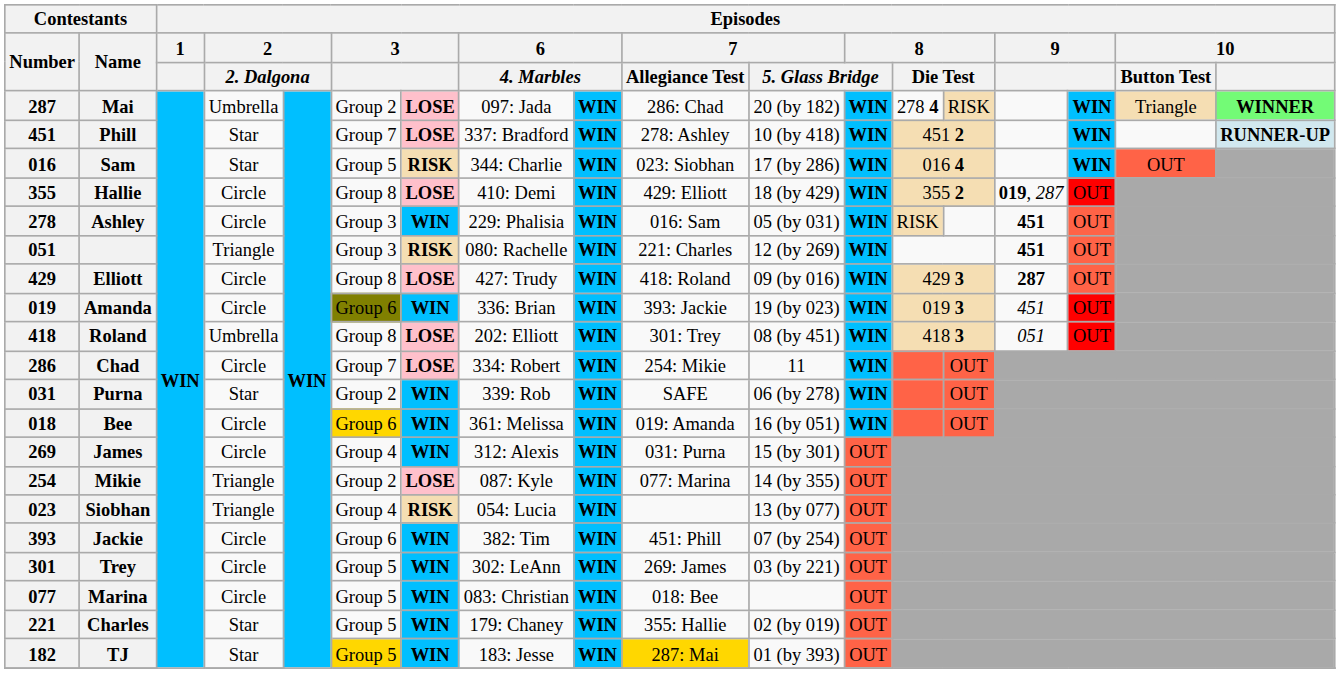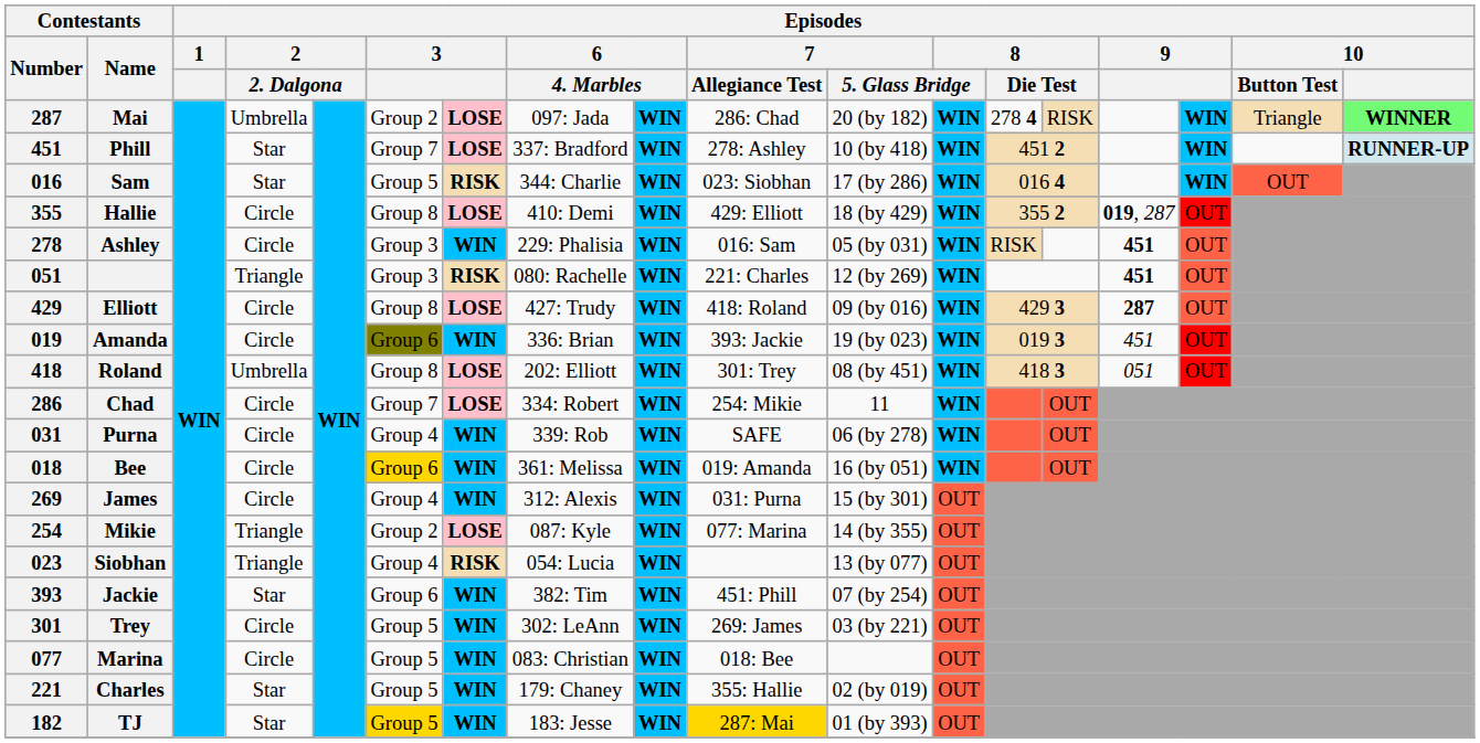 <table class="wikitable sortable" style="text-align:center; font-size:70%;">
 <tr>
 <th colspan="2">Contestants</th>
 <th colspan="18">Episodes</th>
 </tr>
 <tr>
 <th scope="col" rowspan="2">Number</th>
 <th scope="col" rowspan="2">Name</th>
 <th scope="col" class="unsortable">1</th>
 <th scope="col" colspan="2">2</th>
 <th scope="col" colspan="2">3</th>
 <th scope="col" class="unsortable" colspan="2">6</th>
 <th scope="col" class="unsortable" colspan="2">7</th>
 <th scope="col" class="unsortable" colspan="3">8</th>
 <th scope="col" class="unsortable"colspan="2">9</th>
 <th scope="col" class="unsortable" colspan="2">10</th>
 </tr>
 <tr>
 <th scope="col" class="unsortable"></th>
 <th scope="col" colspan="2"><em>2. Dalgona</em></th>
 <th scope="col" colspan="2"></th>
 <th scope="col" colspan="2" class="unsortable"><em>4. Marbles</em></th>
 <th scope="col" class="unsortable">Allegiance Test</th>
 <th scope="col" colspan="2"><em>5. Glass Bridge</em></th>
 <th colspan="2">Die Test</th>
 <th scope="col" class="unsortable" colspan="2"></th>
 <th scope="col" class="unsortable">Button Test</th>
 <th scope="col" class="unsortable"></th>
 </tr>
 <tr>
 <th>287</th>
 <th>Mai</th>
 <td rowspan="120" bgcolor="deepskyblue"><strong>WIN</strong></td>
 <td>Umbrella</td>
 <td rowspan="119" bgcolor="deepskyblue"><strong>WIN</strong></td>
 <td>Group 2</td>
 <td bgcolor="pink"><strong>LOSE</strong></td>
 <td>097: Jada</td>
 <td bgcolor="deepskyblue"><strong>WIN</strong></td>
 <td>286: Chad</td>
 <td>20 (by 182)</td>
 <td bgcolor="deepskyblue"><strong>WIN</strong></td>
 <td>278 <strong>4</strong></td>
 <td bgcolor="wheat">RISK</td>
 <td></td>
 <td bgcolor="deepskyblue"><strong>WIN</strong></td>
 <td bgcolor="wheat">Triangle</td>
 <td style="background:#73FB76"><strong>WINNER</strong></td>
 </tr>
 <tr>
 <th>451</th>
 <th>Phill</th>
 <td>Star</td>
 <td>Group 7</td>
 <td bgcolor="pink"><strong>LOSE</strong></td>
 <td>337: Bradford</td>
 <td bgcolor="deepskyblue"><strong>WIN</strong></td>
 <td>278: Ashley</td>
 <td>10 (by 418)</td>
 <td bgcolor="deepskyblue"><strong>WIN</strong></td>
 <td bgcolor="wheat" colspan="2">451 <strong>2</strong></td>
 <td></td>
 <td bgcolor="deepskyblue"><strong>WIN</strong></td>
 <td></td>
 <td style="background:#D1E8EF"><strong>RUNNER-UP</strong></td>
 </tr>
 <tr>
 <th>016</th>
 <th>Sam</th>
 <td>Star</td>
 <td>Group 5</td>
 <td bgcolor="wheat"><strong>RISK</strong></td>
 <td>344: Charlie</td>
 <td bgcolor="deepskyblue"><strong>WIN</strong></td>
 <td>023: Siobhan</td>
 <td>17 (by 286)</td>
 <td bgcolor="deepskyblue"><strong>WIN</strong></td>
 <td bgcolor="wheat" colspan="2">016 <strong>4</strong></td>
 <td></td>
 <td bgcolor="deepskyblue"><strong>WIN</strong></td>
 <td bgcolor="tomato">OUT</td>
 <td bgcolor="darkgray"></td>
 </tr>
 <tr>
 <th>355</th>
 <th>Hallie</th>
 <td>Circle</td>
 <td>Group 8</td>
 <td bgcolor="pink"><strong>LOSE</strong></td>
 <td>410: Demi</td>
 <td bgcolor="deepskyblue"><strong>WIN</strong></td>
 <td>429: Elliott</td>
 <td>18 (by 429)</td>
 <td bgcolor="deepskyblue"><strong>WIN</strong></td>
 <td bgcolor="wheat" colspan="2">355 <strong>2</strong></td>
 <td><strong>019</strong>, <em>287</em></td>
 <td bgcolor="red">OUT</td>
 <td bgcolor="darkgray" colspan="2"></td>
 </tr>
 <tr>
 <th>278</th>
 <th>Ashley</th>
 <td>Circle</td>
 <td>Group 3</td>
 <td bgcolor="deepskyblue"><strong>WIN</strong></td>
 <td>229: Phalisia</td>
 <td bgcolor="deepskyblue"><strong>WIN</strong></td>
 <td>016: Sam</td>
 <td>05 (by 031)</td>
 <td bgcolor="deepskyblue"><strong>WIN</strong></td>
 <td bgcolor="wheat">RISK</td>
 <td></td>
 <td><strong>451</strong></td>
 <td bgcolor="tomato">OUT</td>
 <td bgcolor="darkgray" colspan="2"></td>
 </tr>
 <tr>
 <th>051</th>
 <th></th>
 <td>Triangle</td>
 <td>Group 3</td>
 <td bgcolor="wheat"><strong>RISK</strong></td>
 <td>080: Rachelle</td>
 <td bgcolor="deepskyblue"><strong>WIN</strong></td>
 <td>221: Charles</td>
 <td>12 (by 269)</td>
 <td bgcolor="deepskyblue"><strong>WIN</strong></td>
 <td colspan="2"></td>
 <td><strong>451</strong></td>
 <td bgcolor="tomato">OUT</td>
 <td bgcolor="darkgray" colspan="2"></td>
 </tr>
 <tr>
 <th>429</th>
 <th>Elliott</th>
 <td>Circle</td>
 <td>Group 8</td>
 <td bgcolor="pink"><strong>LOSE</strong></td>
 <td>427: Trudy</td>
 <td bgcolor="deepskyblue"><strong>WIN</strong></td>
 <td>418: Roland</td>
 <td>09 (by 016)</td>
 <td bgcolor="deepskyblue"><strong>WIN</strong></td>
 <td bgcolor="wheat" colspan="2">429 <strong>3</strong></td>
 <td><strong>287</strong></td>
 <td bgcolor="tomato">OUT</td>
 <td bgcolor="darkgray" colspan="2"></td>
 </tr>
 <tr>
 <th>019</th>
 <th>Amanda</th>
 <td>Circle</td>
 <td bgcolor="olive">Group 6</td>
 <td bgcolor="deepskyblue"><strong>WIN</strong></td>
 <td>336: Brian</td>
 <td bgcolor="deepskyblue"><strong>WIN</strong></td>
 <td>393: Jackie</td>
 <td>19 (by 023)</td>
 <td bgcolor="deepskyblue"><strong>WIN</strong></td>
 <td bgcolor="wheat" colspan="2">019 <strong>3</strong></td>
 <td><em>451</em></td>
 <td bgcolor="red">OUT</td>
 <td bgcolor="darkgray" colspan="2"></td>
 </tr>
 <tr>
 <th>418</th>
 <th>Roland</th>
 <td>Umbrella</td>
 <td>Group 8</td>
 <td bgcolor="pink"><strong>LOSE</strong></td>
 <td>202: Elliott</td>
 <td bgcolor="deepskyblue"><strong>WIN</strong></td>
 <td>301: Trey</td>
 <td>08 (by 451)</td>
 <td bgcolor="deepskyblue"><strong>WIN</strong></td>
 <td bgcolor="wheat" colspan="2">418 <strong>3</strong></td>
 <td><em>051</em></td>
 <td bgcolor="red">OUT</td>
 <td bgcolor="darkgray" colspan="2"></td>
 </tr>
 <tr>
 <th>286</th>
 <th>Chad</th>
 <td>Circle</td>
 <td>Group 7</td>
 <td bgcolor="pink"><strong>LOSE</strong></td>
 <td>334: Robert</td>
 <td bgcolor="deepskyblue"><strong>WIN</strong></td>
 <td>254: Mikie</td>
 <td>11</td>
 <td bgcolor="deepskyblue"><strong>WIN</strong></td>
 <td bgcolor="tomato"></td>
 <td bgcolor="tomato">OUT</td>
 <td colspan="4" bgcolor="darkgray"></td>
 </tr>
 <tr>
 <th>031</th>
 <th>Purna</th>
-<td>Star</td>
-<td>Group 2</td>
+<td>Circle</td>
+<td>Group 4</td>
 <td bgcolor="deepskyblue"><strong>WIN</strong></td>
 <td>339: Rob</td>
 <td bgcolor="deepskyblue"><strong>WIN</strong></td>
 <td>SAFE</td>
 <td>06 (by 278)</td>
 <td bgcolor="deepskyblue"><strong>WIN</strong></td>
 <td bgcolor="tomato"></td>
 <td bgcolor="tomato">OUT</td>
 <td colspan="4" bgcolor="darkgray"></td>
 </tr>
 <tr>
 <th>018</th>
 <th>Bee</th>
 <td>Circle</td>
 <td bgcolor="gold">Group 6</td>
 <td bgcolor="deepskyblue"><strong>WIN</strong></td>
 <td>361: Melissa</td>
 <td bgcolor="deepskyblue"><strong>WIN</strong></td>
 <td>019: Amanda</td>
 <td>16 (by 051)</td>
 <td bgcolor="deepskyblue"><strong>WIN</strong></td>
 <td bgcolor="tomato"></td>
 <td bgcolor="tomato">OUT</td>
 <td colspan="4" bgcolor="darkgray"></td>
 </tr>
 <tr>
 <th>269</th>
 <th>James</th>
 <td>Circle</td>
 <td>Group 4</td>
 <td bgcolor="deepskyblue"><strong>WIN</strong></td>
 <td>312: Alexis</td>
 <td bgcolor="deepskyblue"><strong>WIN</strong></td>
 <td>031: Purna</td>
 <td>15 (by 301)</td>
 <td bgcolor="tomato">OUT</td>
 <td colspan="6" bgcolor="darkgray"></td>
 </tr>
 <tr>
 <th>254</th>
 <th>Mikie</th>
 <td>Triangle</td>
 <td>Group 2</td>
 <td bgcolor="pink"><strong>LOSE</strong></td>
 <td>087: Kyle</td>
 <td bgcolor="deepskyblue"><strong>WIN</strong></td>
 <td>077: Marina</td>
 <td>14 (by 355)</td>
 <td bgcolor="tomato">OUT</td>
 <td colspan="6" bgcolor="darkgray"></td>
 </tr>
 <tr>
 <th>023</th>
 <th>Siobhan</th>
 <td>Triangle</td>
 <td>Group 4</td>
 <td bgcolor="wheat"><strong>RISK</strong></td>
 <td>054: Lucia</td>
 <td bgcolor="deepskyblue"><strong>WIN</strong></td>
 <td></td>
 <td>13 (by 077)</td>
 <td bgcolor="tomato">OUT</td>
 <td colspan="6" bgcolor="darkgray"></td>
 </tr>
 <tr>
 <th>393</th>
 <th>Jackie</th>
-<td>Circle</td>
+<td>Star</td>
 <td>Group 6</td>
 <td bgcolor="deepskyblue"><strong>WIN</strong></td>
 <td>382: Tim</td>
 <td bgcolor="deepskyblue"><strong>WIN</strong></td>
 <td>451: Phill</td>
 <td>07 (by 254)</td>
 <td bgcolor="tomato">OUT</td>
 <td colspan="6" bgcolor="darkgray"></td>
 </tr>
 <tr>
 <th>301</th>
 <th>Trey</th>
 <td>Circle</td>
 <td>Group 5</td>
 <td bgcolor="deepskyblue"><strong>WIN</strong></td>
 <td>302: LeAnn</td>
 <td bgcolor="deepskyblue"><strong>WIN</strong></td>
 <td>269: James</td>
 <td>03 (by 221)</td>
 <td bgcolor="tomato">OUT</td>
 <td colspan="6" bgcolor="darkgray"></td>
 </tr>
 <tr>
 <th>077</th>
 <th>Marina</th>
 <td>Circle</td>
 <td>Group 5</td>
 <td bgcolor="deepskyblue"><strong>WIN</strong></td>
 <td>083: Christian</td>
 <td bgcolor="deepskyblue"><strong>WIN</strong></td>
 <td>018: Bee</td>
 <td></td>
 <td bgcolor="tomato">OUT</td>
 <td colspan="6" bgcolor="darkgray"></td>
 </tr>
 <tr>
 <th>221</th>
 <th>Charles</th>
 <td>Star</td>
 <td>Group 5</td>
 <td bgcolor="deepskyblue"><strong>WIN</strong></td>
 <td>179: Chaney</td>
 <td bgcolor="deepskyblue"><strong>WIN</strong></td>
 <td>355: Hallie</td>
 <td>02 (by 019)</td>
 <td bgcolor="tomato">OUT</td>
 <td colspan="6" bgcolor="darkgray"></td>
 </tr>
 <tr>
 <th>182</th>
 <th>TJ</th>
 <td>Star</td>
 <td bgcolor="gold">Group 5</td>
 <td bgcolor="deepskyblue"><strong>WIN</strong></td>
 <td>183: Jesse</td>
 <td bgcolor="deepskyblue"><strong>WIN</strong></td>
 <td bgcolor="gold">287: Mai</td>
 <td>01 (by 393)</td>
 <td bgcolor="tomato">OUT</td>
 <td colspan="6" bgcolor="darkgray"></td>
 </tr>
 <tr>
 </tr>
 </table>
